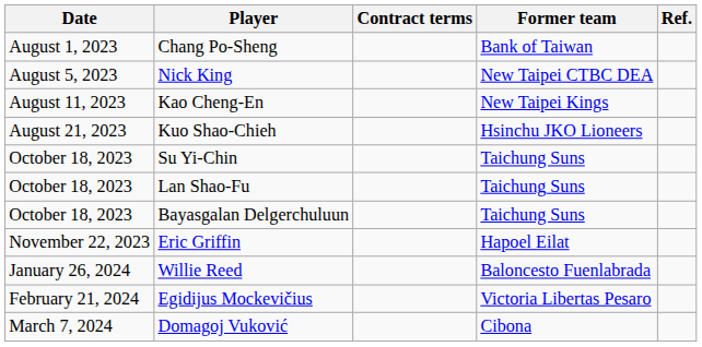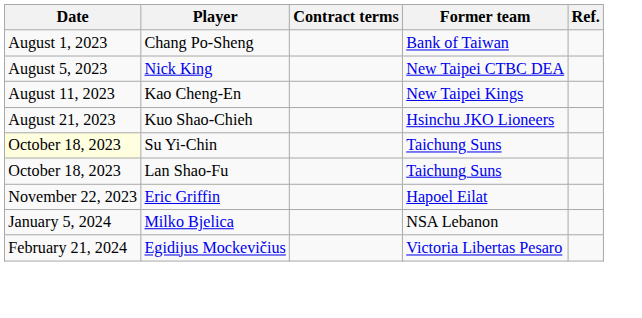 <table class="wikitable">
 <tr>
 <th>Date</th>
 <th>Player</th>
 <th>Contract terms</th>
 <th>Former team</th>
 <th>Ref.</th>
 </tr>
 <tr>
 <td>August 1, 2023</td>
 <td>Chang Po-Sheng</td>
 <td></td>
 <td> <a href='#'>Bank of Taiwan</a></td>
 <td></td>
 </tr>
 <tr>
 <td>August 5, 2023</td>
 <td><a href='#'>Nick King</a></td>
 <td></td>
 <td> <a href='#'>New Taipei CTBC DEA</a></td>
 <td></td>
 </tr>
 <tr>
 <td>August 11, 2023</td>
 <td>Kao Cheng-En</td>
 <td></td>
 <td> <a href='#'>New Taipei Kings</a></td>
 <td></td>
 </tr>
 <tr>
 <td>August 21, 2023</td>
 <td>Kuo Shao-Chieh</td>
 <td></td>
 <td> <a href='#'>Hsinchu JKO Lioneers</a></td>
 <td></td>
 </tr>
 <tr>
-<td>October 18, 2023</td>
+<td style="background: lightyellow;">October 18, 2023</td>
 <td>Su Yi-Chin</td>
 <td></td>
 <td> <a href='#'>Taichung Suns</a></td>
 <td></td>
 </tr>
 <tr>
 <td>October 18, 2023</td>
 <td>Lan Shao-Fu</td>
 <td></td>
 <td> <a href='#'>Taichung Suns</a></td>
 <td></td>
 </tr>
 <tr>
-<td>October 18, 2023</td>
-<td>Bayasgalan Delgerchuluun</td>
-<td></td>
-<td> <a href='#'>Taichung Suns</a></td>
-<td></td>
-</tr>
-<tr>
 <td>November 22, 2023</td>
 <td><a href='#'>Eric Griffin</a></td>
 <td></td>
 <td> <a href='#'>Hapoel Eilat</a></td>
 <td></td>
 </tr>
 <tr>
-<td>January 26, 2024</td>
-<td><a href='#'>Willie Reed</a></td>
+<td>January 5, 2024</td>
+<td><a href='#'>Milko Bjelica</a></td>
 <td></td>
-<td> <a href='#'>Baloncesto Fuenlabrada</a></td>
+<td> NSA Lebanon</td>
 <td></td>
 </tr>
 <tr>
 <td>February 21, 2024</td>
 <td><a href='#'>Egidijus Mockevičius</a></td>
 <td></td>
 <td> <a href='#'>Victoria Libertas Pesaro</a></td>
 <td></td>
 </tr>
-<tr>
-<td>March 7, 2024</td>
-<td><a href='#'>Domagoj Vuković</a></td>
-<td></td>
-<td> <a href='#'>Cibona</a></td>
-<td></td>
-</tr>
 </table>
